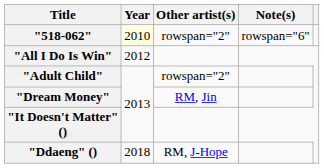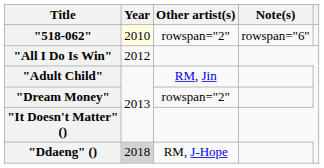 <table class="wikitable plainrowheaders" style="text-align:center;">
 <tr>
 <th scope="col">Title</th>
 <th scope="col">Year</th>
 <th scope="col">Other artist(s)</th>
 <th scope="col">Note(s)</th>
 <th scope="col"></th>
 </tr>
 <tr>
 <th scope="row">"518-062"</th>
 <td style="background: lightyellow;">2010</td>
 <td>rowspan="2" </td>
 <td>rowspan="6" </td>
 <td></td>
 </tr>
 <tr>
 <th scope="row">"All I Do Is Win"</th>
 <td>2012</td>
 <td></td>
 </tr>
 <tr>
 <th scope="row">"Adult Child"</th>
 <td rowspan="3">2013</td>
-<td>rowspan="2" </td>
+<td><a href='#'>RM</a>, <a href='#'>Jin</a></td>
 <td></td>
 </tr>
 <tr>
 <th scope="row">"Dream Money"</th>
-<td><a href='#'>RM</a>, <a href='#'>Jin</a></td>
+<td>rowspan="2" </td>
 <td></td>
 </tr>
 <tr>
 <th scope="row">"It Doesn't Matter"<br>()</th>
 <td></td>
 </tr>
 <tr>
 <th scope="row">"Ddaeng" ()</th>
-<td>2018</td>
+<td style="background: lightgrey;">2018</td>
 <td>RM, <a href='#'>J-Hope</a></td>
 <td></td>
 </tr>
 </table>
